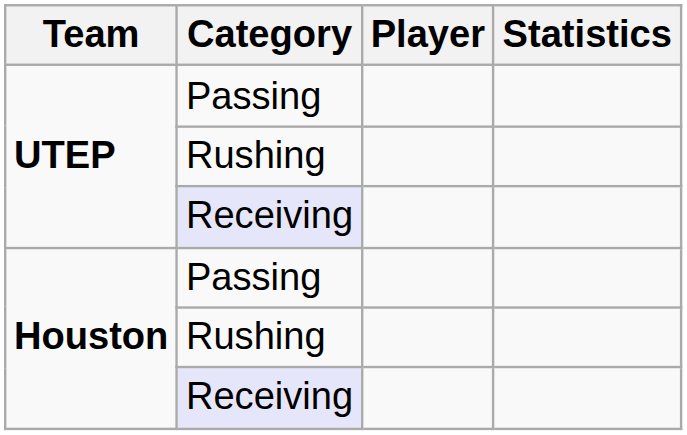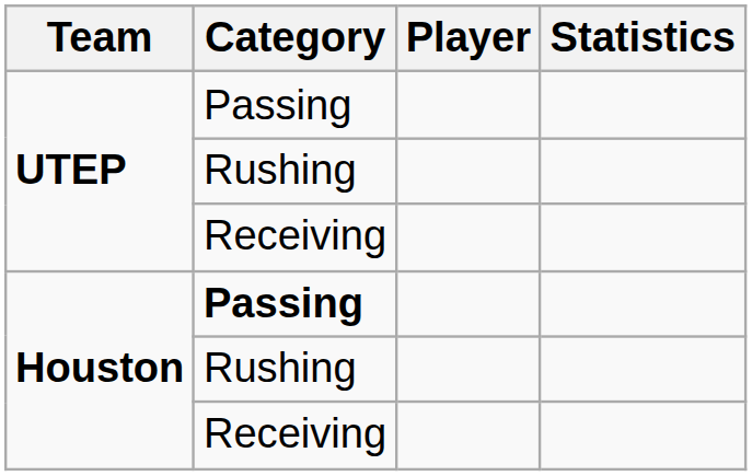 <table class="wikitable" style="float: left;">
 <tr>
 <th>Team</th>
 <th>Category</th>
 <th>Player</th>
 <th>Statistics</th>
 </tr>
 <tr>
 <td rowspan=3><strong>UTEP</strong></td>
 <td>Passing</td>
 <td></td>
 <td></td>
 </tr>
 <tr>
 <td>Rushing</td>
 <td></td>
 <td></td>
 </tr>
 <tr>
-<td style="background: lavender;">Receiving</td>
+<td>Receiving</td>
 <td></td>
 <td></td>
 </tr>
 <tr>
 <td rowspan=3><strong>Houston</strong></td>
-<td>Passing</td>
+<td><strong>Passing</strong></td>
 <td></td>
 <td></td>
 </tr>
 <tr>
 <td>Rushing</td>
 <td></td>
 <td></td>
 </tr>
 <tr>
-<td style="background: lavender;">Receiving</td>
+<td>Receiving</td>
 <td></td>
 <td></td>
 </tr>
 </table>
